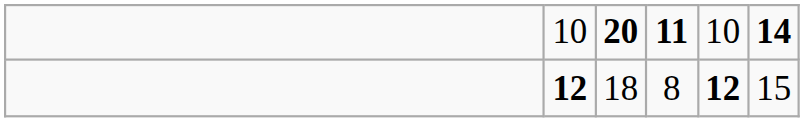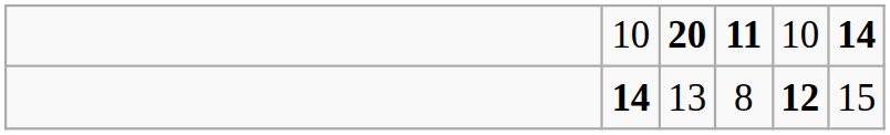 <table class="wikitable">
 <tr>
 <td style="width:15em"></td>
 <td align=center style="width:1em">10</td>
 <td align=center style="width:1em"><strong>20</strong></td>
 <td align=center style="width:1em"><strong>11</strong></td>
 <td align=center style="width:1em">10</td>
 <td align=center style="width:1em"><strong>14</strong></td>
 </tr>
 <tr>
 <td style="width:15em"></td>
-<td align=center style="width:1em"><strong>12</strong></td>
-<td align=center style="width:1em">18</td>
+<td align=center style="width:1em"><strong>14</strong></td>
+<td align=center style="width:1em">13</td>
 <td align=center style="width:1em">8</td>
 <td align=center style="width:1em"><strong>12</strong></td>
 <td align=center style="width:1em">15</td>
 </tr>
 </table>
